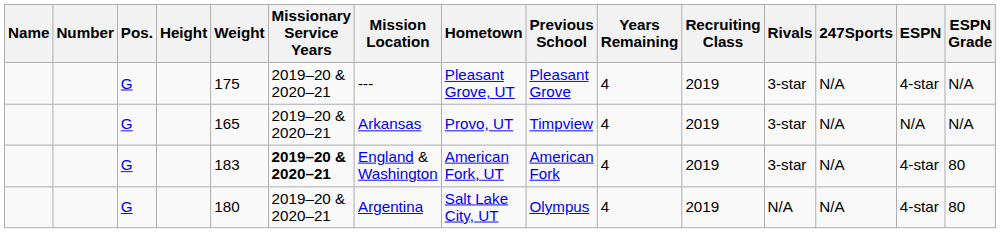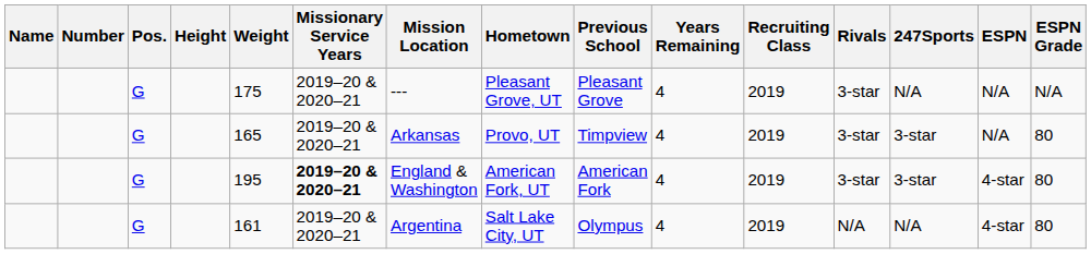 <table class="wikitable sortable">
 <tr>
 <th>Name</th>
 <th>Number</th>
 <th>Pos.</th>
 <th>Height</th>
 <th>Weight</th>
 <th>Missionary Service Years</th>
 <th>Mission Location</th>
 <th>Hometown</th>
 <th ! class="unsortable">Previous<br>School</th>
 <th ! class="unsortable">Years<br>Remaining</th>
 <th ! class="unsortable">Recruiting<br>Class</th>
 <th ! class="unsortable">Rivals</th>
 <th ! class="unsortable">247Sports</th>
 <th ! class="unsortable">ESPN</th>
 <th ! class="unsortable">ESPN Grade</th>
 </tr>
 <tr>
 <td></td>
 <td></td>
 <td><a href='#'>G</a></td>
 <td></td>
 <td>175</td>
 <td>2019–20 & 2020–21</td>
 <td>---</td>
 <td><a href='#'>Pleasant Grove, UT</a></td>
 <td><a href='#'>Pleasant Grove</a></td>
 <td>4</td>
 <td>2019</td>
 <td>3-star</td>
 <td>N/A</td>
-<td>4-star</td>
+<td>N/A</td>
 <td>N/A</td>
 </tr>
 <tr>
 <td></td>
 <td></td>
 <td><a href='#'>G</a></td>
 <td></td>
 <td>165</td>
 <td>2019–20 & 2020–21</td>
 <td><a href='#'>Arkansas</a></td>
 <td><a href='#'>Provo, UT</a></td>
 <td><a href='#'>Timpview</a></td>
 <td>4</td>
 <td>2019</td>
 <td>3-star</td>
+<td>3-star</td>
 <td>N/A</td>
-<td>N/A</td>
-<td>N/A</td>
+<td>80</td>
 </tr>
 <tr>
 <td></td>
 <td></td>
 <td><a href='#'>G</a></td>
 <td></td>
-<td>183</td>
+<td>195</td>
 <td><strong>2019–20 & 2020–21</strong></td>
 <td><a href='#'>England</a> & <a href='#'>Washington</a></td>
 <td><a href='#'>American Fork, UT</a></td>
 <td><a href='#'>American Fork</a></td>
 <td>4</td>
 <td>2019</td>
 <td>3-star</td>
-<td>N/A</td>
+<td>3-star</td>
 <td>4-star</td>
 <td>80</td>
 </tr>
 <tr>
 <td></td>
 <td></td>
 <td><a href='#'>G</a></td>
 <td></td>
-<td>180</td>
+<td>161</td>
 <td>2019–20 & 2020–21</td>
 <td><a href='#'>Argentina</a></td>
 <td><a href='#'>Salt Lake City, UT</a></td>
 <td><a href='#'>Olympus</a></td>
 <td>4</td>
 <td>2019</td>
 <td>N/A</td>
 <td>N/A</td>
 <td>4-star</td>
 <td>80</td>
 </tr>
 </table>
